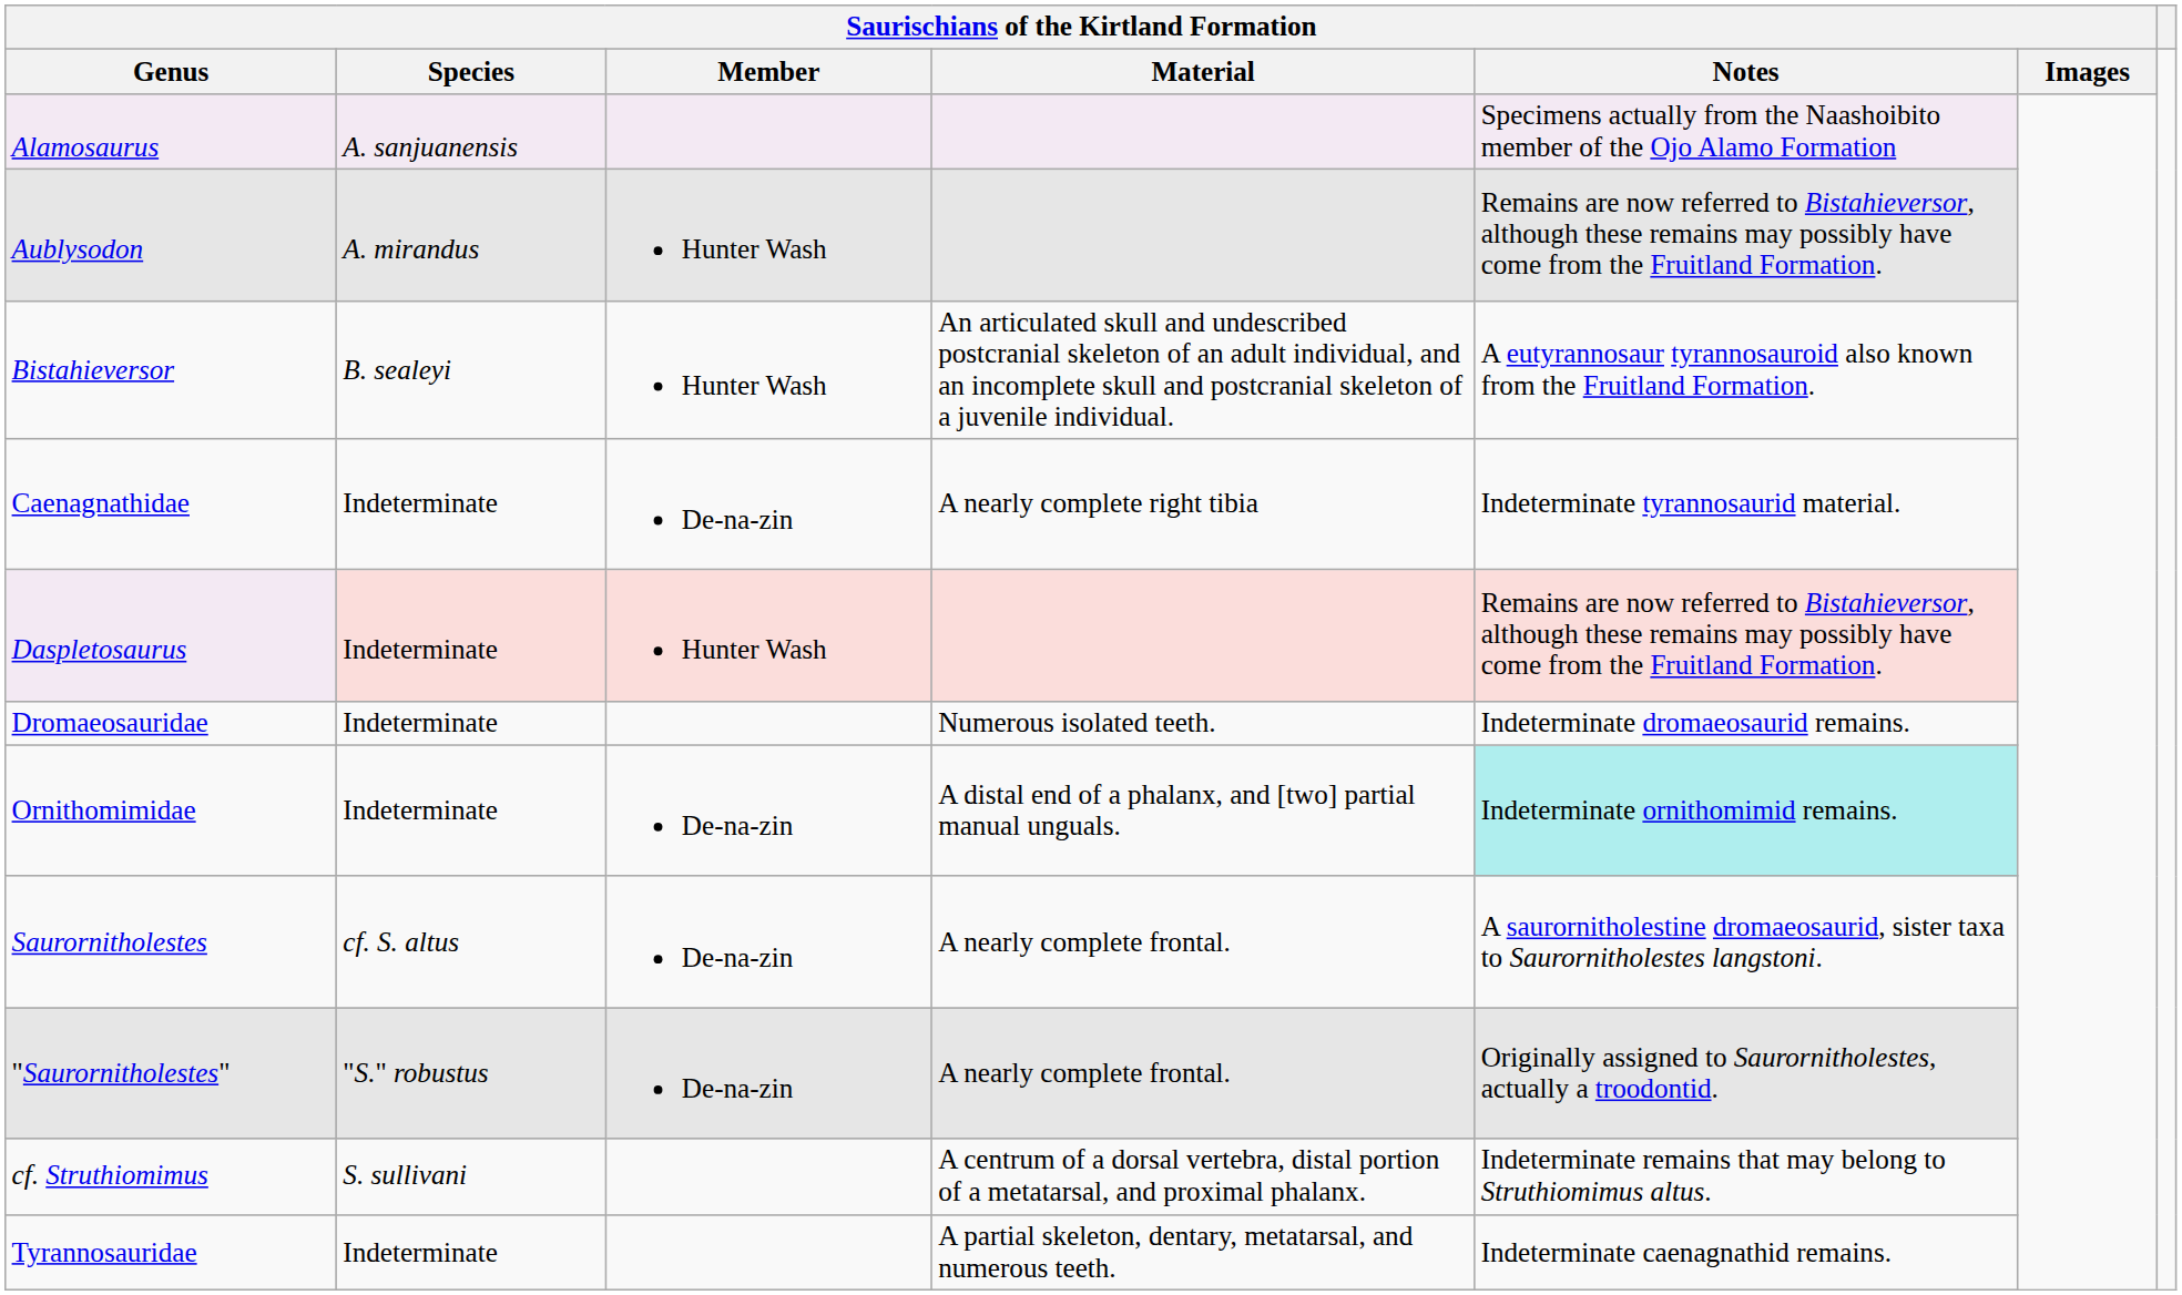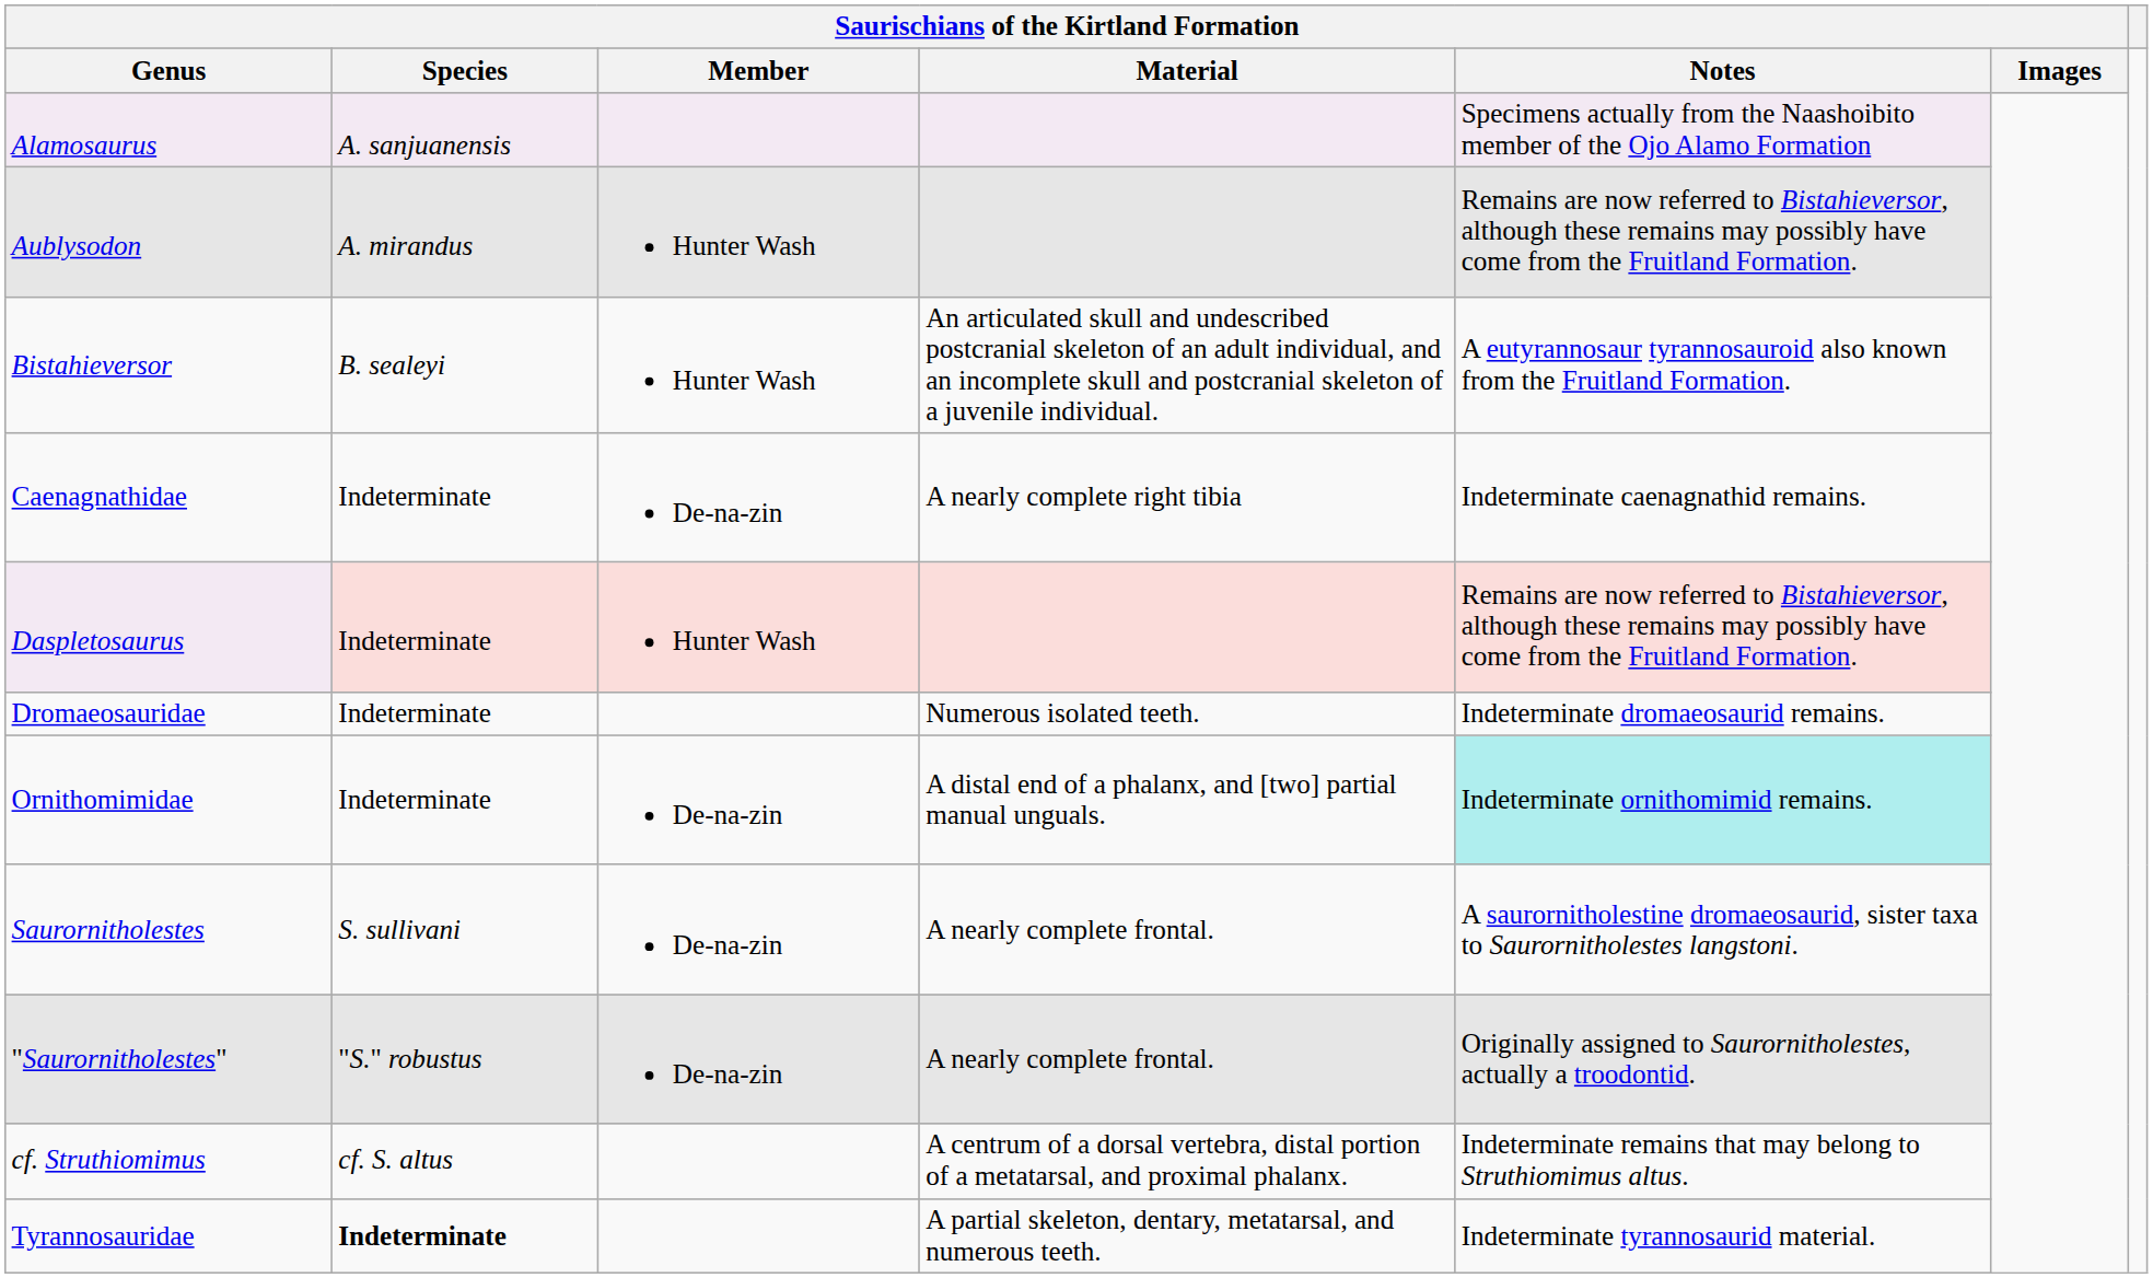 <table class="wikitable" align="center">
 <tr>
 <th colspan="6" align="center"><strong><a href='#'>Saurischians</a> of the Kirtland Formation</strong></th>
 <th></th>
 </tr>
 <tr>
 <th>Genus</th>
 <th>Species</th>
 <th>Member</th>
 <th width="25%">Material</th>
 <th width="25%">Notes</th>
 <th>Images</th>
 </tr>
 <tr>
 <td style="background:#f3e9f3;"><br><em><a href='#'>Alamosaurus</a></em></td>
 <td style="background:#f3e9f3;"><br><em>A. sanjuanensis</em></td>
 <td style="background:#f3e9f3;"></td>
 <td style="background:#f3e9f3;"></td>
 <td style="background:#f3e9f3;">Specimens actually from the Naashoibito member of the <a href='#'>Ojo Alamo Formation</a></td>
 <td rowspan="100"><br>   </td>
 </tr>
 <tr>
 <td style="background:#E6E6E6;"><br><em><a href='#'>Aublysodon</a></em></td>
 <td style="background:#E6E6E6;"><br><em>A. mirandus</em></td>
 <td style="background:#E6E6E6;"><br><ul><li>Hunter Wash</li></ul></td>
 <td style="background:#E6E6E6;"></td>
 <td style="background:#E6E6E6;">Remains are now referred to <em><a href='#'>Bistahieversor</a></em>, although these remains may possibly have come from the <a href='#'>Fruitland Formation</a>.</td>
 </tr>
 <tr>
 <td><em><a href='#'>Bistahieversor</a></em></td>
 <td><em>B. sealeyi</em></td>
 <td><br><ul><li>Hunter Wash</li></ul></td>
 <td>An articulated skull and undescribed postcranial skeleton of an adult individual, and an incomplete skull and postcranial skeleton of a juvenile individual.</td>
 <td>A <a href='#'>eutyrannosaur</a> <a href='#'>tyrannosauroid</a> also known from the <a href='#'>Fruitland Formation</a>.</td>
 </tr>
 <tr>
 <td><a href='#'>Caenagnathidae</a></td>
 <td>Indeterminate</td>
 <td><br><ul><li>De-na-zin</li></ul></td>
 <td>A nearly complete right tibia</td>
-<td>Indeterminate <a href='#'>tyrannosaurid</a> material.</td>
+<td>Indeterminate caenagnathid remains.</td>
 </tr>
 <tr>
 <td style="background:#f3e9f3;"><br><em><a href='#'>Daspletosaurus</a></em></td>
 <td style="background:#fbdddb;"><br>Indeterminate</td>
 <td style="background:#fbdddb;"><br><ul><li>Hunter Wash</li></ul></td>
 <td style="background:#fbdddb;"></td>
 <td style="background:#fbdddb;">Remains are now referred to <em><a href='#'>Bistahieversor</a></em>, although these remains may possibly have come from the <a href='#'>Fruitland Formation</a>.</td>
 </tr>
 <tr>
 <td><a href='#'>Dromaeosauridae</a></td>
 <td>Indeterminate</td>
 <td></td>
 <td>Numerous isolated teeth.</td>
 <td>Indeterminate <a href='#'>dromaeosaurid</a> remains.</td>
 </tr>
 <tr>
 <td><a href='#'>Ornithomimidae</a></td>
 <td>Indeterminate</td>
 <td><br><ul><li>De-na-zin</li></ul></td>
 <td>A distal end of a phalanx, and [two] partial manual unguals.</td>
 <td style="background: paleturquoise;">Indeterminate <a href='#'>ornithomimid</a> remains.</td>
 </tr>
 <tr>
 <td><em><a href='#'>Saurornitholestes</a></em></td>
-<td><em>cf. S. altus</em></td>
+<td><em>S. sullivani</em></td>
 <td><br><ul><li>De-na-zin</li></ul></td>
 <td>A nearly complete frontal.</td>
 <td>A <a href='#'>saurornitholestine</a> <a href='#'>dromaeosaurid</a>, sister taxa to <em>Saurornitholestes langstoni</em>.</td>
 </tr>
 <tr>
 <td style="background:#E6E6E6;">"<em><a href='#'>Saurornitholestes</a></em>"</td>
 <td style="background:#E6E6E6;">"<em>S.</em>" <em>robustus</em></td>
 <td style="background:#E6E6E6;"><br><ul><li>De-na-zin</li></ul></td>
 <td style="background:#E6E6E6;">A nearly complete frontal.</td>
 <td style="background:#E6E6E6;">Originally assigned to <em>Saurornitholestes</em>, actually a <a href='#'>troodontid</a>.</td>
 </tr>
 <tr>
 <td><em>cf. <a href='#'>Struthiomimus</a></em></td>
-<td><em>S. sullivani</em></td>
+<td><em>cf. S. altus</em></td>
 <td></td>
 <td>A centrum of a dorsal vertebra, distal portion of a metatarsal, and proximal phalanx.</td>
 <td>Indeterminate remains that may belong to <em>Struthiomimus altus</em>.</td>
 </tr>
 <tr>
 <td><a href='#'>Tyrannosauridae</a></td>
-<td>Indeterminate</td>
+<td><strong>Indeterminate</strong></td>
 <td></td>
 <td>A partial skeleton, dentary, metatarsal, and numerous teeth.</td>
-<td>Indeterminate caenagnathid remains.</td>
+<td>Indeterminate <a href='#'>tyrannosaurid</a> material.</td>
 </tr>
 <tr>
 </tr>
 </table>
